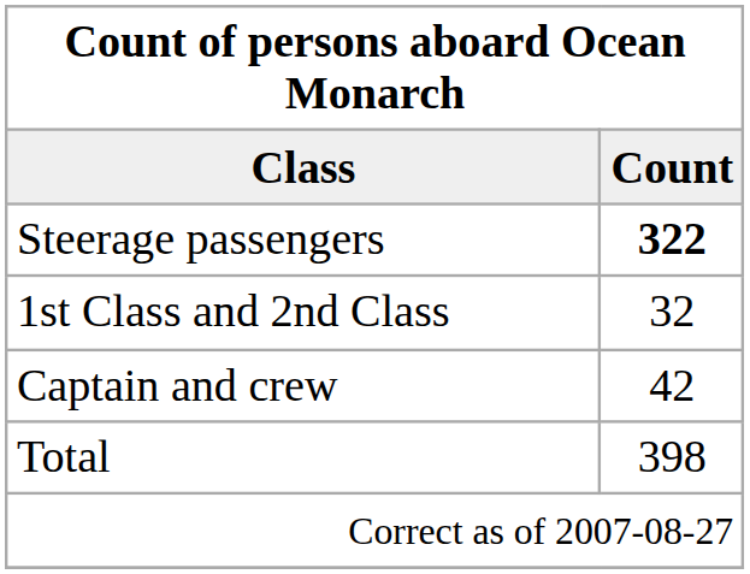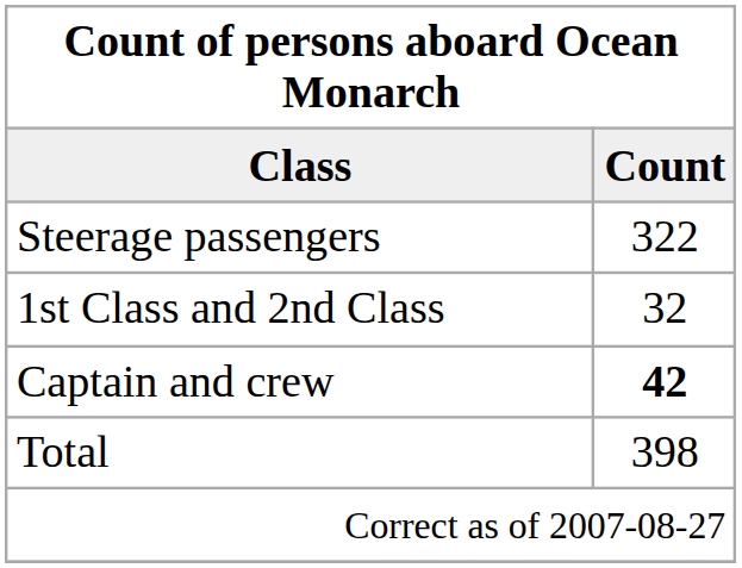 <table class="wikitable" style="float:left; margin-right:15px; text-align: center;">
 <tr>
 <td colspan="10" style="background:#FFFFFF;" cellpadding="0" cellspacing="0"><strong>Count of persons aboard Ocean Monarch</strong></td>
 </tr>
 <tr>
 <th style="background:#efefef;" width="200">Class</th>
 <th style="background:#efefef;" width="20">Count</th>
 </tr>
 <tr style="background:#ffffff;" align=center>
 <td align=left>Steerage passengers</td>
-<td><strong>322</strong></td>
+<td>322</td>
 </tr>
 <tr style="background:#ffffff;" align=center>
 <td align=left>1st Class and 2nd Class</td>
 <td>32</td>
 </tr>
 <tr style="background:#ffffff;" align=center>
 <td align=left>Captain and crew</td>
-<td>42</td>
+<td><strong>42</strong></td>
 </tr>
 <tr style="background:#ffffff;" align=center>
 <td align=left>Total</td>
 <td>398</td>
 </tr>
 <tr>
 <td colspan="10" align="right" style="background:#FFFFFF;" cellpadding="0" cellspacing="0"><small>Correct as of 2007-08-27</small></td>
 </tr>
 <tr>
 </tr>
 </table>
